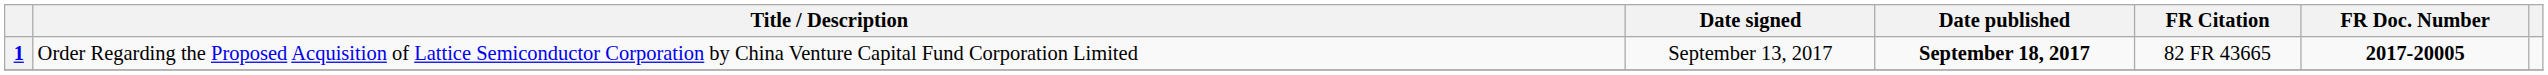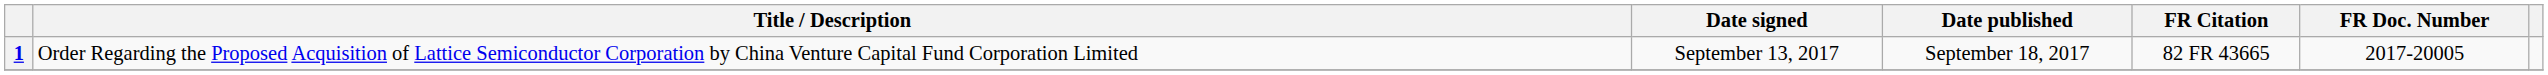 <table class="wikitable sortable plainrowheaders" style="width:100%;">
 <tr style="text-align:center">
 <th></th>
 <th>Title / Description</th>
 <th>Date signed</th>
 <th>Date published</th>
 <th>FR Citation</th>
 <th>FR Doc. Number</th>
 <th class="unsortable"></th>
 </tr>
 <tr style="text-align:center">
 <th><a href='#'>1</a></th>
 <td style="text-align:left">Order Regarding the <a href='#'>Proposed</a> <a href='#'>Acquisition</a> of <a href='#'>Lattice Semiconductor Corporation</a> by China Venture Capital Fund Corporation Limited</td>
 <td>September 13, 2017</td>
-<td><strong>September 18, 2017</strong></td>
+<td>September 18, 2017</td>
 <td>82 FR 43665</td>
-<td><strong>2017-20005</strong></td>
+<td>2017-20005</td>
 <td></td>
 </tr>
 <tr>
 </tr>
 </table>
